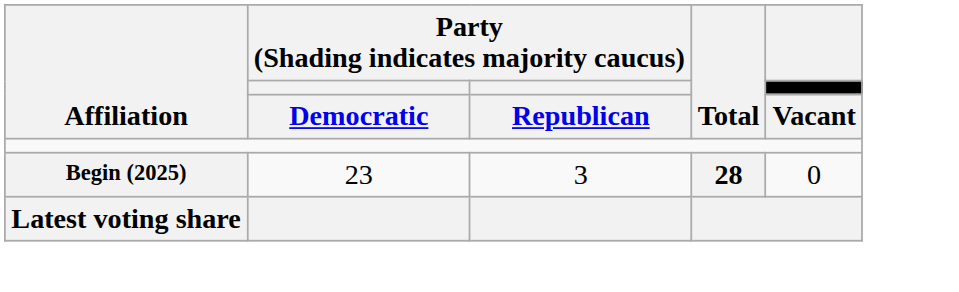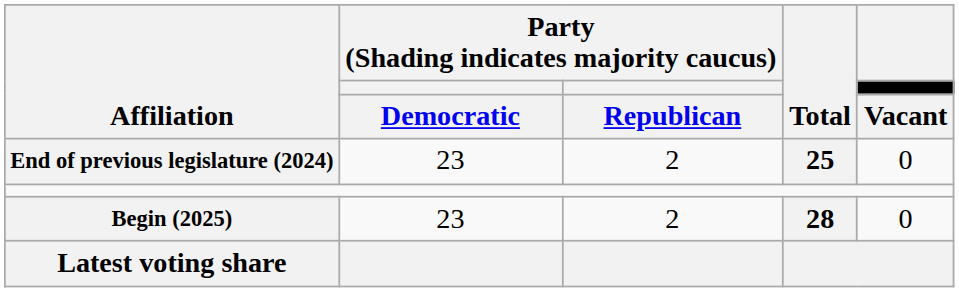 <table class=wikitable style="text-align:center">
 <tr style="vertical-align:bottom;">
 <th rowspan=3>Affiliation</th>
 <th colspan=2>Party <div>(Shading indicates majority caucus)</div></th>
 <th rowspan=3>Total</th>
 <th></th>
 </tr>
 <tr style="height:5px">
 <th style="background-color:"></th>
 <th style="background-color:"></th>
 <th style="background-color:black"></th>
 </tr>
 <tr>
 <th><a href='#'>Democratic</a></th>
 <th><a href='#'>Republican</a></th>
 <th>Vacant</th>
 </tr>
 <tr>
+<th style="font-size:80%">End of previous legislature (2024)</th>
+<td>23</td>
+<td>2</td>
+<th>25</th>
+<td>0</td>
+</tr>
+<tr>
 <td colspan=5></td>
 </tr>
 <tr>
 <th style="font-size:80%">Begin (2025)</th>
 <td>23</td>
-<td>3</td>
+<td>2</td>
 <th>28</th>
 <td>0</td>
 </tr>
 <tr>
 <th>Latest voting share</th>
 <th></th>
 <th></th>
 <th colspan=2></th>
 </tr>
 </table>
